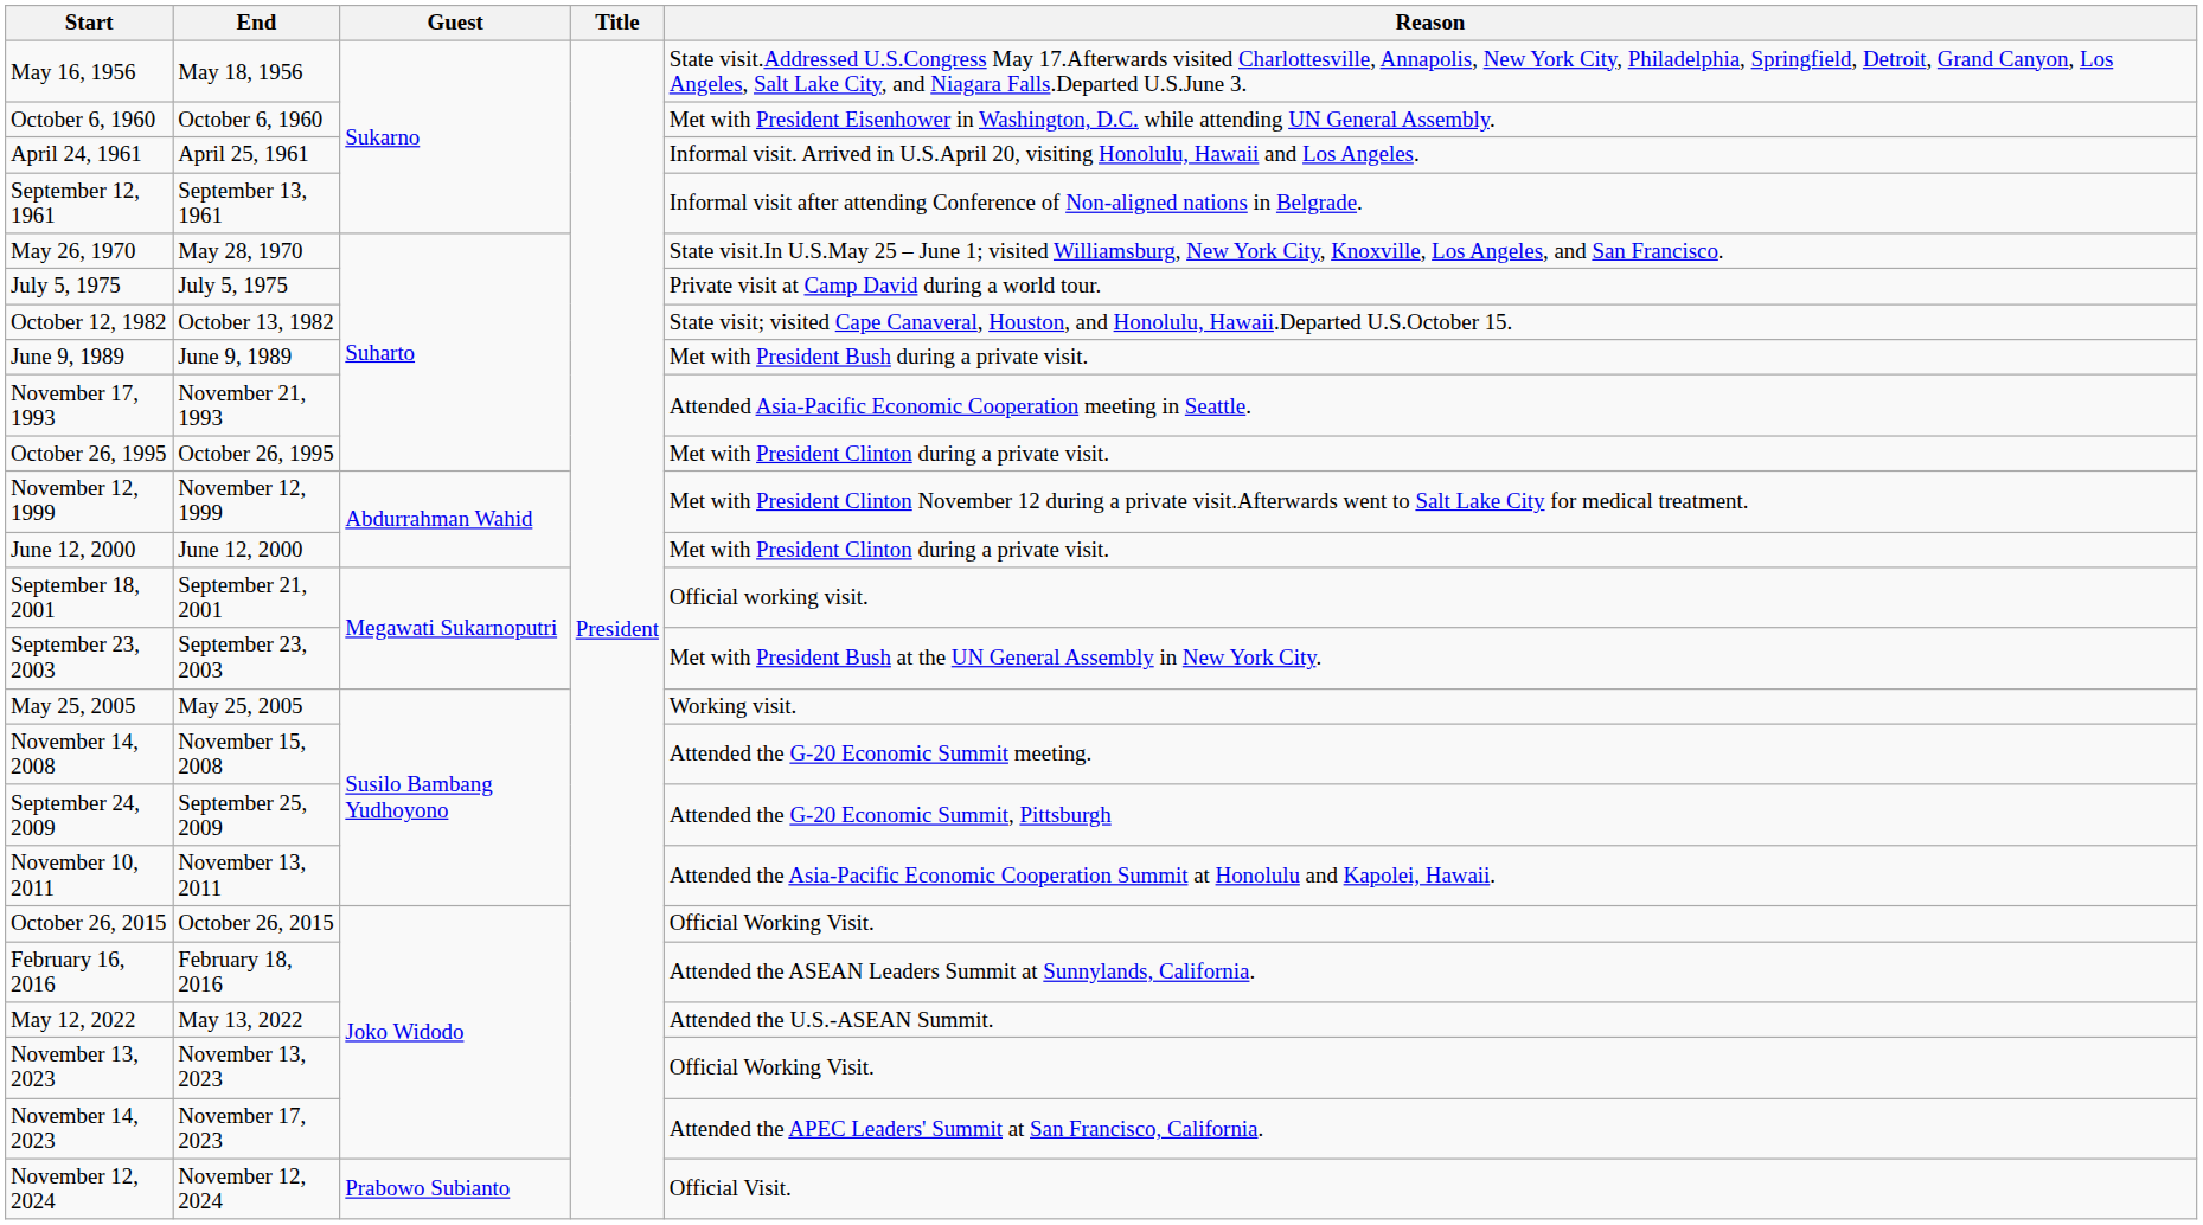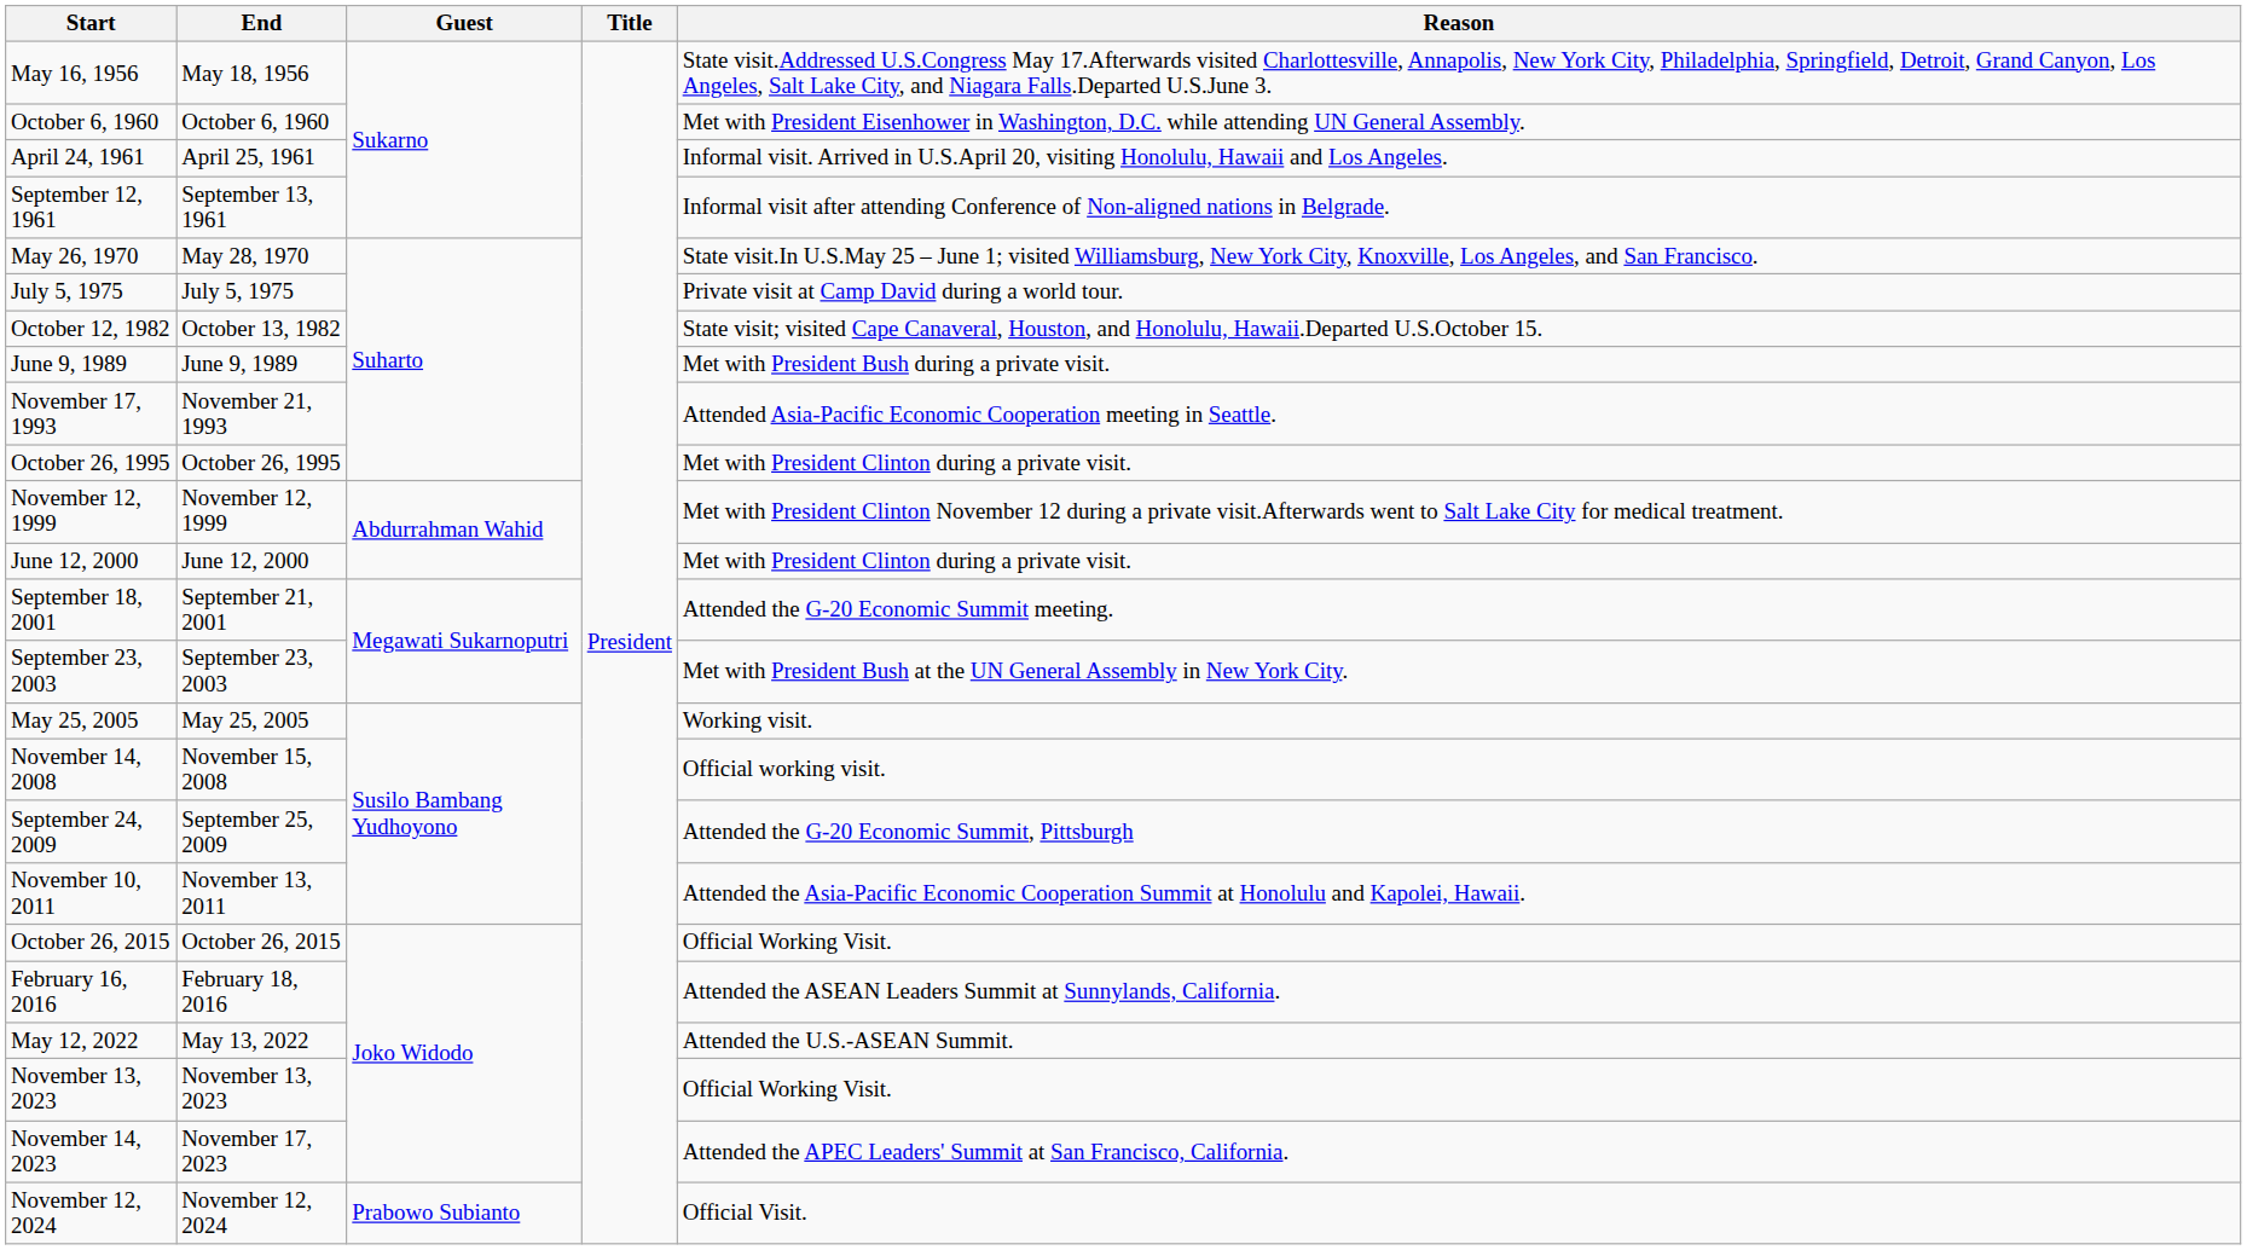 <table class="wikitable sortable">
 <tr>
 <th>Start</th>
 <th>End</th>
 <th>Guest</th>
 <th>Title</th>
 <th>Reason</th>
 </tr>
 <tr>
 <td>May 16, 1956</td>
 <td>May 18, 1956</td>
 <td rowspan=4><a href='#'>Sukarno</a></td>
 <td rowspan=24><a href='#'>President</a></td>
 <td>State visit.<a href='#'>Addressed U.S.Congress</a> May 17.Afterwards visited <a href='#'>Charlottesville</a>, <a href='#'>Annapolis</a>, <a href='#'>New York City</a>, <a href='#'>Philadelphia</a>, <a href='#'>Springfield</a>, <a href='#'>Detroit</a>, <a href='#'>Grand Canyon</a>, <a href='#'>Los Angeles</a>, <a href='#'>Salt Lake City</a>, and <a href='#'>Niagara Falls</a>.Departed U.S.June 3.</td>
 </tr>
 <tr>
 <td>October 6, 1960</td>
 <td>October 6, 1960</td>
 <td>Met with <a href='#'>President Eisenhower</a> in <a href='#'>Washington, D.C.</a> while attending <a href='#'>UN General Assembly</a>.</td>
 </tr>
 <tr>
 <td>April 24, 1961</td>
 <td>April 25, 1961</td>
 <td>Informal visit. Arrived in U.S.April 20, visiting <a href='#'>Honolulu, Hawaii</a> and <a href='#'>Los Angeles</a>.</td>
 </tr>
 <tr>
 <td>September 12, 1961</td>
 <td>September 13, 1961</td>
 <td>Informal visit after attending Conference of <a href='#'>Non-aligned nations</a> in <a href='#'>Belgrade</a>.</td>
 </tr>
 <tr>
 <td>May 26, 1970</td>
 <td>May 28, 1970</td>
 <td rowspan=6><a href='#'>Suharto</a></td>
 <td>State visit.In U.S.May 25 – June 1; visited <a href='#'>Williamsburg</a>, <a href='#'>New York City</a>, <a href='#'>Knoxville</a>, <a href='#'>Los Angeles</a>, and <a href='#'>San Francisco</a>.</td>
 </tr>
 <tr>
 <td>July 5, 1975</td>
 <td>July 5, 1975</td>
 <td>Private visit at <a href='#'>Camp David</a> during a world tour.</td>
 </tr>
 <tr>
 <td>October 12, 1982</td>
 <td>October 13, 1982</td>
 <td>State visit; visited <a href='#'>Cape Canaveral</a>, <a href='#'>Houston</a>, and <a href='#'>Honolulu, Hawaii</a>.Departed U.S.October 15.</td>
 </tr>
 <tr>
 <td>June 9, 1989</td>
 <td>June 9, 1989</td>
 <td>Met with <a href='#'>President Bush</a> during a private visit.</td>
 </tr>
 <tr>
 <td>November 17, 1993</td>
 <td>November 21, 1993</td>
 <td>Attended <a href='#'>Asia-Pacific Economic Cooperation</a> meeting in <a href='#'>Seattle</a>.</td>
 </tr>
 <tr>
 <td>October 26, 1995</td>
 <td>October 26, 1995</td>
 <td>Met with <a href='#'>President Clinton</a> during a private visit.</td>
 </tr>
 <tr>
 <td>November 12, 1999</td>
 <td>November 12, 1999</td>
 <td rowspan=2><a href='#'>Abdurrahman Wahid</a></td>
 <td>Met with <a href='#'>President Clinton</a> November 12 during a private visit.Afterwards went to <a href='#'>Salt Lake City</a> for medical treatment.</td>
 </tr>
 <tr>
 <td>June 12, 2000</td>
 <td>June 12, 2000</td>
 <td>Met with <a href='#'>President Clinton</a> during a private visit.</td>
 </tr>
 <tr>
 <td>September 18, 2001</td>
 <td>September 21, 2001</td>
 <td rowspan=2><a href='#'>Megawati Sukarnoputri</a></td>
-<td>Official working visit.</td>
+<td>Attended the <a href='#'>G-20 Economic Summit</a> meeting.</td>
 </tr>
 <tr>
 <td>September 23, 2003</td>
 <td>September 23, 2003</td>
 <td>Met with <a href='#'>President Bush</a> at the <a href='#'>UN General Assembly</a> in <a href='#'>New York City</a>.</td>
 </tr>
 <tr>
 <td>May 25, 2005</td>
 <td>May 25, 2005</td>
 <td rowspan=4><a href='#'>Susilo Bambang Yudhoyono</a></td>
 <td>Working visit.</td>
 </tr>
 <tr>
 <td>November 14, 2008</td>
 <td>November 15, 2008</td>
-<td>Attended the <a href='#'>G-20 Economic Summit</a> meeting.</td>
+<td>Official working visit.</td>
 </tr>
 <tr>
 <td>September 24, 2009</td>
 <td>September 25, 2009</td>
 <td>Attended the <a href='#'>G-20 Economic Summit</a>, <a href='#'>Pittsburgh</a></td>
 </tr>
 <tr>
 <td>November 10, 2011</td>
 <td>November 13, 2011</td>
 <td>Attended the <a href='#'>Asia-Pacific Economic Cooperation Summit</a> at <a href='#'>Honolulu</a> and <a href='#'>Kapolei, Hawaii</a>.</td>
 </tr>
 <tr>
 <td>October 26, 2015</td>
 <td>October 26, 2015</td>
 <td rowspan=5><a href='#'>Joko Widodo</a></td>
 <td>Official Working Visit.</td>
 </tr>
 <tr>
 <td>February 16, 2016</td>
 <td>February 18, 2016</td>
 <td>Attended the ASEAN Leaders Summit at <a href='#'>Sunnylands, California</a>.</td>
 </tr>
 <tr>
 <td>May 12, 2022</td>
 <td>May 13, 2022</td>
 <td>Attended the U.S.-ASEAN Summit.</td>
 </tr>
 <tr>
 <td>November 13, 2023</td>
 <td>November 13, 2023</td>
 <td>Official Working Visit.</td>
 </tr>
 <tr>
 <td>November 14, 2023</td>
 <td>November 17, 2023</td>
 <td>Attended the <a href='#'>APEC Leaders' Summit</a> at <a href='#'>San Francisco, California</a>.</td>
 </tr>
 <tr>
 <td>November 12, 2024</td>
 <td>November 12, 2024</td>
 <td><a href='#'>Prabowo Subianto</a></td>
 <td>Official Visit.</td>
 </tr>
 </table>
